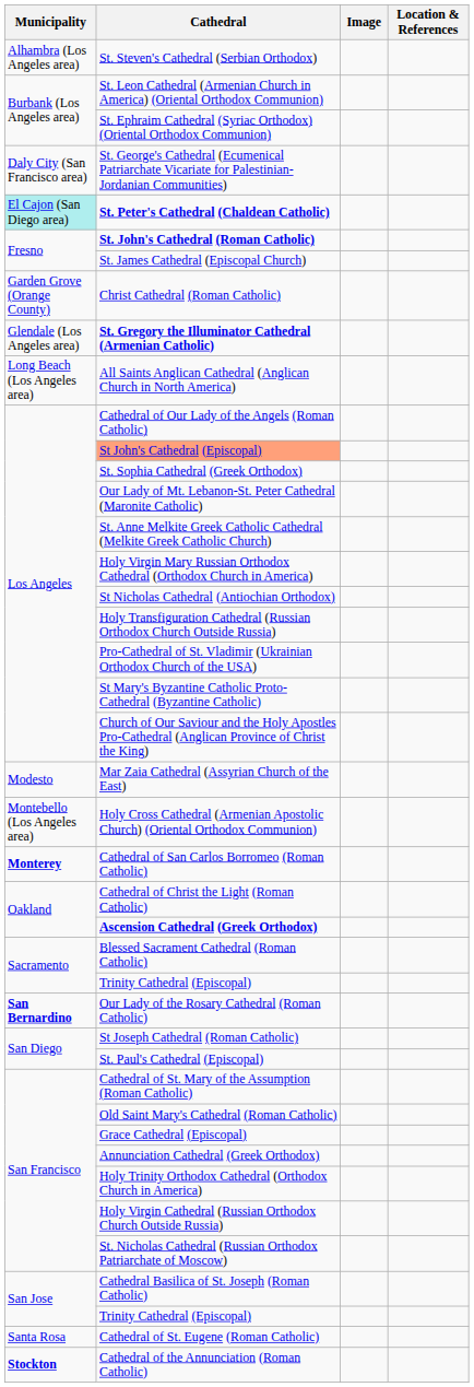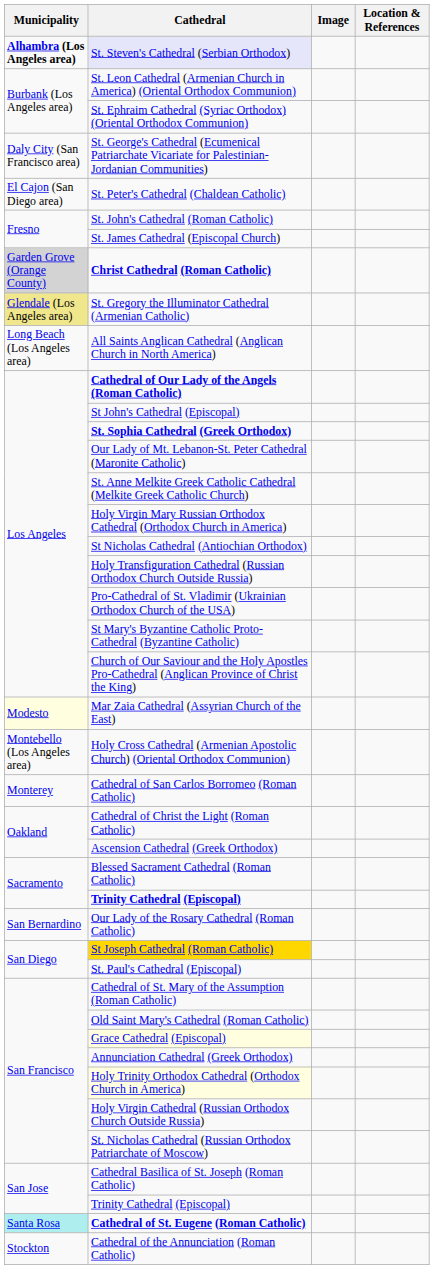 <table width=65% class="wikitable">
 <tr>
 <th width = 10%>Municipality</th>
 <th width = 40%>Cathedral</th>
 <th width = 5%>Image</th>
 <th width = 10%>Location & References</th>
 </tr>
 <tr>
-<td><a href='#'>Alhambra</a> (Los Angeles area)</td>
-<td><a href='#'>St. Steven's Cathedral</a>  (<a href='#'>Serbian Orthodox</a>)</td>
+<td><strong><a href='#'>Alhambra</a> (Los Angeles area)</strong></td>
+<td style="background: lavender;"><a href='#'>St. Steven's Cathedral</a>  (<a href='#'>Serbian Orthodox</a>)</td>
 <td></td>
 <td><small><br></small></td>
 </tr>
 <tr>
 <td rowspan=2><a href='#'>Burbank</a> (Los Angeles area)</td>
 <td><a href='#'>St. Leon Cathedral</a> (<a href='#'>Armenian Church in America</a>)  <a href='#'>(Oriental Orthodox Communion)</a></td>
 <td></td>
 <td><small><br></small></td>
 </tr>
 <tr>
 <td><a href='#'>St. Ephraim Cathedral</a> <a href='#'>(Syriac Orthodox)</a> <a href='#'>(Oriental Orthodox Communion)</a></td>
 <td></td>
 <td><small><br></small></td>
 </tr>
 <tr>
 <td><a href='#'>Daly City</a> (San Francisco area)</td>
 <td><a href='#'>St. George's Cathedral</a> (<a href='#'>Ecumenical Patriarchate Vicariate for Palestinian-Jordanian Communities</a>)</td>
 <td></td>
 <td><small><br></small></td>
 </tr>
 <tr>
-<td style="background: paleturquoise;"><a href='#'>El Cajon</a> (San Diego area)</td>
-<td><strong><a href='#'>St. Peter's Cathedral</a> <a href='#'>(Chaldean Catholic)</a></strong></td>
+<td><a href='#'>El Cajon</a> (San Diego area)</td>
+<td><a href='#'>St. Peter's Cathedral</a> <a href='#'>(Chaldean Catholic)</a></td>
 <td></td>
 <td><small><br></small></td>
 </tr>
 <tr>
 <td rowspan=2><a href='#'>Fresno</a></td>
-<td><strong><a href='#'>St. John's Cathedral</a> <a href='#'>(Roman Catholic)</a></strong></td>
+<td><a href='#'>St. John's Cathedral</a> <a href='#'>(Roman Catholic)</a></td>
 <td></td>
 <td><small><br></small></td>
 </tr>
 <tr>
 <td><a href='#'>St. James Cathedral</a> (<a href='#'>Episcopal Church</a>)</td>
 <td></td>
 <td><small><br></small></td>
 </tr>
 <tr>
-<td><a href='#'>Garden Grove</a> <a href='#'>(Orange County)</a></td>
-<td><a href='#'>Christ Cathedral</a> <a href='#'>(Roman Catholic)</a></td>
+<td style="background: lightgrey;"><a href='#'>Garden Grove</a> <a href='#'>(Orange County)</a></td>
+<td><strong><a href='#'>Christ Cathedral</a> <a href='#'>(Roman Catholic)</a></strong></td>
 <td></td>
 <td><small><br></small></td>
 </tr>
 <tr>
-<td><a href='#'>Glendale</a> (Los Angeles area)</td>
-<td><strong><a href='#'>St. Gregory the Illuminator Cathedral</a> <a href='#'>(Armenian Catholic)</a></strong></td>
+<td style="background: khaki;"><a href='#'>Glendale</a> (Los Angeles area)</td>
+<td><a href='#'>St. Gregory the Illuminator Cathedral</a> <a href='#'>(Armenian Catholic)</a></td>
 <td></td>
 <td><small><br></small></td>
 </tr>
 <tr>
 <td><a href='#'>Long Beach</a> (Los Angeles area)</td>
 <td><a href='#'>All Saints Anglican Cathedral</a> (<a href='#'>Anglican Church in North America</a>)</td>
 <td></td>
 <td><small><br></small></td>
 </tr>
 <tr>
 <td rowspan=11><a href='#'>Los Angeles</a></td>
-<td><a href='#'>Cathedral of Our Lady of the Angels</a> <a href='#'>(Roman Catholic)</a></td>
+<td><strong><a href='#'>Cathedral of Our Lady of the Angels</a> <a href='#'>(Roman Catholic)</a></strong></td>
 <td></td>
 <td><small><br></small></td>
 </tr>
 <tr>
-<td style="background: lightsalmon;"><a href='#'>St John's Cathedral</a> <a href='#'>(Episcopal)</a></td>
+<td><a href='#'>St John's Cathedral</a> <a href='#'>(Episcopal)</a></td>
 <td></td>
 <td><small><br></small></td>
 </tr>
 <tr>
-<td><a href='#'>St. Sophia Cathedral</a> <a href='#'>(Greek Orthodox)</a></td>
+<td><strong><a href='#'>St. Sophia Cathedral</a> <a href='#'>(Greek Orthodox)</a></strong></td>
 <td></td>
 <td><small><br></small></td>
 </tr>
 <tr>
 <td><a href='#'>Our Lady of Mt. Lebanon-St. Peter Cathedral</a>  (<a href='#'>Maronite Catholic</a>)</td>
 <td></td>
 <td><small><br></small></td>
 </tr>
 <tr>
 <td><a href='#'>St. Anne Melkite Greek Catholic Cathedral</a> (<a href='#'>Melkite Greek Catholic Church</a>)</td>
 <td></td>
 <td><small></small><br></td>
 </tr>
 <tr>
 <td><a href='#'>Holy Virgin Mary Russian Orthodox Cathedral</a> (<a href='#'>Orthodox Church in America</a>)</td>
 <td></td>
 <td><small><br></small></td>
 </tr>
 <tr>
 <td><a href='#'>St Nicholas Cathedral</a> <a href='#'>(Antiochian Orthodox)</a></td>
 <td></td>
 <td><small><br></small></td>
 </tr>
 <tr>
 <td><a href='#'>Holy Transfiguration Cathedral</a> (<a href='#'>Russian Orthodox Church Outside Russia</a>)</td>
 <td></td>
 <td><small><br></small></td>
 </tr>
 <tr>
 <td><a href='#'>Pro-Cathedral of St. Vladimir</a> (<a href='#'>Ukrainian Orthodox Church of the USA</a>)</td>
 <td></td>
 <td><small><br></small></td>
 </tr>
 <tr>
 <td><a href='#'>St Mary's Byzantine Catholic Proto-Cathedral</a> <a href='#'>(Byzantine Catholic)</a></td>
 <td></td>
 <td><small><br></small></td>
 </tr>
 <tr>
 <td><a href='#'>Church of Our Saviour and the Holy Apostles Pro-Cathedral</a> (<a href='#'>Anglican Province of Christ the King</a>)</td>
 <td></td>
 <td><small><br></small></td>
 </tr>
 <tr>
-<td><a href='#'>Modesto</a></td>
+<td style="background: lightyellow;"><a href='#'>Modesto</a></td>
 <td><a href='#'>Mar Zaia Cathedral</a> (<a href='#'>Assyrian Church of the East</a>)</td>
 <td></td>
 <td><small><br></small></td>
 </tr>
 <tr>
 <td><a href='#'>Montebello</a> (Los Angeles area)</td>
 <td><a href='#'>Holy Cross Cathedral</a> (<a href='#'>Armenian Apostolic Church</a>) <a href='#'>(Oriental Orthodox Communion)</a></td>
 <td></td>
 <td><small><br></small></td>
 </tr>
 <tr>
-<td><strong><a href='#'>Monterey</a></strong></td>
+<td><a href='#'>Monterey</a></td>
 <td><a href='#'>Cathedral of San Carlos Borromeo</a> <a href='#'>(Roman Catholic)</a></td>
 <td></td>
 <td><small><br></small></td>
 </tr>
 <tr>
 <td rowspan=2><a href='#'>Oakland</a></td>
 <td><a href='#'>Cathedral of Christ the Light</a> <a href='#'>(Roman Catholic)</a></td>
 <td></td>
 <td><small><br></small></td>
 </tr>
 <tr>
-<td><strong><a href='#'>Ascension Cathedral</a> <a href='#'>(Greek Orthodox)</a></strong></td>
+<td><a href='#'>Ascension Cathedral</a> <a href='#'>(Greek Orthodox)</a></td>
 <td></td>
 <td><small><br></small></td>
 </tr>
 <tr>
 <td rowspan=2><a href='#'>Sacramento</a></td>
 <td><a href='#'>Blessed Sacrament Cathedral</a> <a href='#'>(Roman Catholic)</a></td>
 <td></td>
 <td><small><br></small></td>
 </tr>
 <tr>
-<td><a href='#'>Trinity Cathedral</a> <a href='#'>(Episcopal)</a></td>
+<td><strong><a href='#'>Trinity Cathedral</a> <a href='#'>(Episcopal)</a></strong></td>
 <td></td>
 <td><small><br></small></td>
 </tr>
 <tr>
-<td><strong><a href='#'>San Bernardino</a></strong></td>
+<td><a href='#'>San Bernardino</a></td>
 <td><a href='#'>Our Lady of the Rosary Cathedral</a> <a href='#'>(Roman Catholic)</a></td>
 <td></td>
 <td><small><br></small></td>
 </tr>
 <tr>
 <td rowspan=2><a href='#'>San Diego</a></td>
-<td><a href='#'>St Joseph Cathedral</a> <a href='#'>(Roman Catholic)</a></td>
+<td style="background: gold;"><a href='#'>St Joseph Cathedral</a> <a href='#'>(Roman Catholic)</a></td>
 <td></td>
 <td><small><br></small></td>
 </tr>
 <tr>
 <td><a href='#'>St. Paul's Cathedral</a> <a href='#'>(Episcopal)</a></td>
 <td></td>
 <td><small><br></small></td>
 </tr>
 <tr>
 <td rowspan=7><a href='#'>San Francisco</a></td>
 <td><a href='#'>Cathedral of St. Mary of the Assumption</a> <a href='#'>(Roman Catholic)</a></td>
 <td></td>
 <td><small><br></small></td>
 </tr>
 <tr>
 <td><a href='#'>Old Saint Mary's Cathedral</a> <a href='#'>(Roman Catholic)</a></td>
 <td></td>
 <td><small><br></small></td>
 </tr>
 <tr>
-<td><a href='#'>Grace Cathedral</a> <a href='#'>(Episcopal)</a></td>
+<td style="background: lightyellow;"><a href='#'>Grace Cathedral</a> <a href='#'>(Episcopal)</a></td>
 <td></td>
 <td><small><br></small></td>
 </tr>
 <tr>
 <td><a href='#'>Annunciation Cathedral</a> <a href='#'>(Greek Orthodox)</a></td>
 <td></td>
 <td><small><br></small></td>
 </tr>
 <tr>
-<td><a href='#'>Holy Trinity Orthodox Cathedral</a> (<a href='#'>Orthodox Church in America</a>)</td>
+<td style="background: lightyellow;"><a href='#'>Holy Trinity Orthodox Cathedral</a> (<a href='#'>Orthodox Church in America</a>)</td>
 <td></td>
 <td><small><br></small></td>
 </tr>
 <tr>
 <td><a href='#'>Holy Virgin Cathedral</a> (<a href='#'>Russian Orthodox Church Outside Russia</a>)</td>
 <td></td>
 <td><small><br></small></td>
 </tr>
 <tr>
 <td><a href='#'>St. Nicholas Cathedral</a> (<a href='#'>Russian Orthodox Patriarchate of Moscow</a>)</td>
 <td></td>
 <td><small><br></small></td>
 </tr>
 <tr>
 <td rowspan=2><a href='#'>San Jose</a></td>
 <td><a href='#'>Cathedral Basilica of St. Joseph</a> <a href='#'>(Roman Catholic)</a></td>
 <td></td>
 <td><small><br></small></td>
 </tr>
 <tr>
 <td><a href='#'>Trinity Cathedral</a> <a href='#'>(Episcopal)</a></td>
 <td></td>
 <td><small><br></small></td>
 </tr>
 <tr>
-<td><a href='#'>Santa Rosa</a></td>
-<td><a href='#'>Cathedral of St. Eugene</a> <a href='#'>(Roman Catholic)</a></td>
+<td style="background: paleturquoise;"><a href='#'>Santa Rosa</a></td>
+<td><strong><a href='#'>Cathedral of St. Eugene</a> <a href='#'>(Roman Catholic)</a></strong></td>
 <td></td>
 <td><small><br></small></td>
 </tr>
 <tr>
-<td><strong><a href='#'>Stockton</a></strong></td>
+<td><a href='#'>Stockton</a></td>
 <td><a href='#'>Cathedral of the Annunciation</a> <a href='#'>(Roman Catholic)</a></td>
 <td></td>
 <td><small><br></small></td>
 </tr>
 </table>
